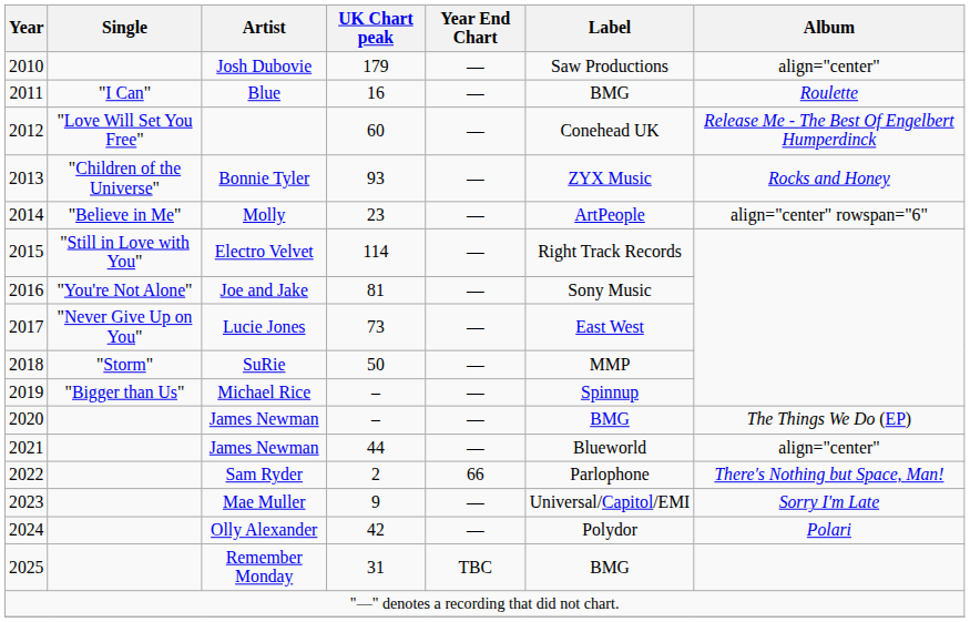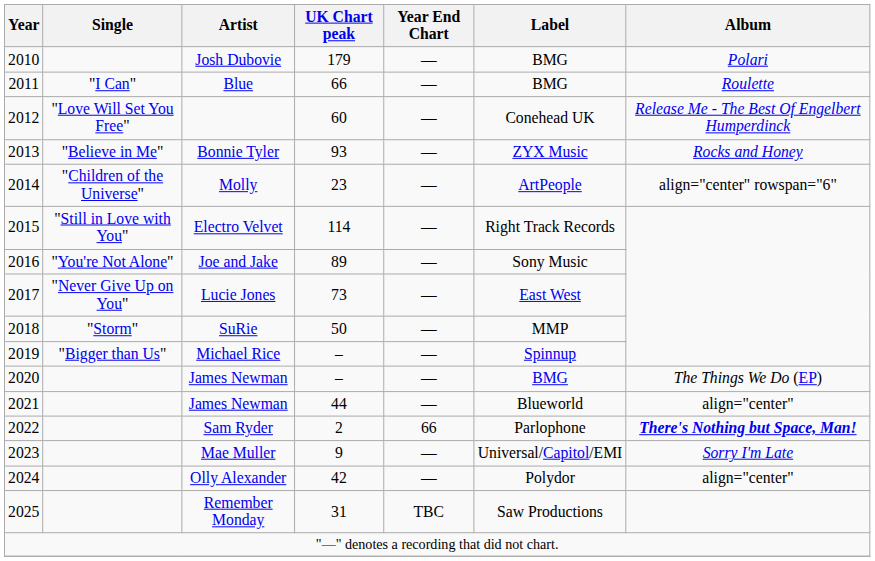 <table class="wikitable" style="text-align:center;width:100%;">
 <tr>
 <th>Year</th>
 <th>Single</th>
 <th>Artist</th>
 <th><a href='#'>UK Chart peak</a></th>
 <th>Year End Chart</th>
 <th>Label</th>
 <th>Album</th>
 </tr>
 <tr>
 <td align="center">2010</td>
 <td align="center"></td>
 <td align="center"><a href='#'>Josh Dubovie</a></td>
 <td align="center">179</td>
 <td align="center">—</td>
-<td align="center">Saw Productions</td>
-<td>align="center" </td>
+<td align="center">BMG</td>
+<td align="center"><em><a href='#'>Polari</a></em></td>
 </tr>
 <tr>
 <td align="center">2011</td>
 <td align="center">"<a href='#'>I Can</a>"</td>
 <td align="center"><a href='#'>Blue</a></td>
-<td align="center">16</td>
+<td align="center">66</td>
 <td align="center">—</td>
 <td align="center">BMG</td>
 <td align="center"><em><a href='#'>Roulette</a></em></td>
 </tr>
 <tr>
 <td align="center">2012</td>
 <td align="center">"<a href='#'>Love Will Set You Free</a>"</td>
 <td align="center"></td>
 <td align="center">60</td>
 <td align="center">—</td>
 <td align="center">Conehead UK</td>
 <td align="center"><em><a href='#'>Release Me - The Best Of Engelbert Humperdinck</a></em></td>
 </tr>
 <tr>
 <td align="center">2013</td>
-<td align="center">"<a href='#'>Children of the Universe</a>"</td>
+<td align="center">"<a href='#'>Believe in Me</a>"</td>
 <td align="center"><a href='#'>Bonnie Tyler</a></td>
 <td align="center">93</td>
 <td align="center">—</td>
 <td align="center"><a href='#'>ZYX Music</a></td>
 <td align="center"><em><a href='#'>Rocks and Honey</a></em></td>
 </tr>
 <tr>
 <td align="center">2014</td>
-<td align="center">"<a href='#'>Believe in Me</a>"</td>
+<td align="center">"<a href='#'>Children of the Universe</a>"</td>
 <td align="center"><a href='#'>Molly</a></td>
 <td align="center">23</td>
 <td align="center">—</td>
 <td align="center"><a href='#'>ArtPeople</a></td>
 <td>align="center" rowspan="6" </td>
 </tr>
 <tr>
 <td align="center">2015</td>
 <td align="center">"<a href='#'>Still in Love with You</a>"</td>
 <td align="center"><a href='#'>Electro Velvet</a></td>
 <td align="center">114</td>
 <td align="center">—</td>
 <td align="center">Right Track Records</td>
 </tr>
 <tr>
 <td align="center">2016</td>
 <td align="center">"<a href='#'>You're Not Alone</a>"</td>
 <td align="center"><a href='#'>Joe and Jake</a></td>
-<td align="center">81</td>
+<td align="center">89</td>
 <td align="center">—</td>
 <td align="center">Sony Music</td>
 </tr>
 <tr>
 <td align="center">2017</td>
 <td align="center">"<a href='#'>Never Give Up on You</a>"</td>
 <td align="center"><a href='#'>Lucie Jones</a></td>
 <td align="center">73</td>
 <td align="center">—</td>
 <td align="center"><a href='#'>East West</a></td>
 </tr>
 <tr>
 <td align="center">2018</td>
 <td align="center">"<a href='#'>Storm</a>"</td>
 <td align="center"><a href='#'>SuRie</a></td>
 <td align="center">50</td>
 <td align="center">—</td>
 <td align="center">MMP</td>
 </tr>
 <tr>
 <td align="center">2019</td>
 <td align="center">"<a href='#'>Bigger than Us</a>"</td>
 <td><a href='#'>Michael Rice</a></td>
 <td align="center">–</td>
 <td align="center">—</td>
 <td align="center"><a href='#'>Spinnup</a></td>
 </tr>
 <tr>
 <td align="center">2020</td>
 <td align="center"></td>
 <td align="center"><a href='#'>James Newman</a></td>
 <td align="center">–</td>
 <td align="center">—</td>
 <td align="center"><a href='#'>BMG</a></td>
 <td align="center"><em>The Things We Do</em> (<a href='#'>EP</a>)</td>
 </tr>
 <tr>
 <td align="center">2021</td>
 <td align="center"></td>
 <td align="center"><a href='#'>James Newman</a></td>
 <td align="center">44</td>
 <td align="center">—</td>
 <td align="center">Blueworld</td>
 <td>align="center" </td>
 </tr>
 <tr>
 <td align="center">2022</td>
 <td align="center"></td>
 <td align="center"><a href='#'>Sam Ryder</a></td>
 <td align="center">2</td>
 <td align="center">66</td>
 <td align="center">Parlophone</td>
-<td align="center"><em><a href='#'>There's Nothing but Space, Man!</a></em></td>
+<td align="center"><strong><em><a href='#'>There's Nothing but Space, Man!</a></em></strong></td>
 </tr>
 <tr>
 <td align="center">2023</td>
 <td align="center"></td>
 <td align="center"><a href='#'>Mae Muller</a></td>
 <td align="center">9</td>
 <td align="center">—</td>
 <td align="center">Universal/<a href='#'>Capitol</a>/EMI</td>
 <td align="center"><em><a href='#'>Sorry I'm Late</a></em></td>
 </tr>
 <tr>
 <td align="center">2024</td>
 <td align="center"></td>
 <td align="center"><a href='#'>Olly Alexander</a></td>
 <td align="center">42</td>
 <td align="center">—</td>
 <td align="center">Polydor</td>
-<td align="center"><em><a href='#'>Polari</a></em></td>
+<td>align="center" </td>
 </tr>
 <tr>
 <td align="center">2025</td>
 <td align="center"></td>
 <td align="center"><a href='#'>Remember Monday</a></td>
 <td align="center">31</td>
 <td align="center">TBC</td>
-<td align="center">BMG</td>
+<td align="center">Saw Productions</td>
 <td align="center"></td>
 </tr>
 <tr>
 <td colspan="7" style="font-size:90%">"—" denotes a recording that did not chart.</td>
 </tr>
 <tr>
 </tr>
 </table>
